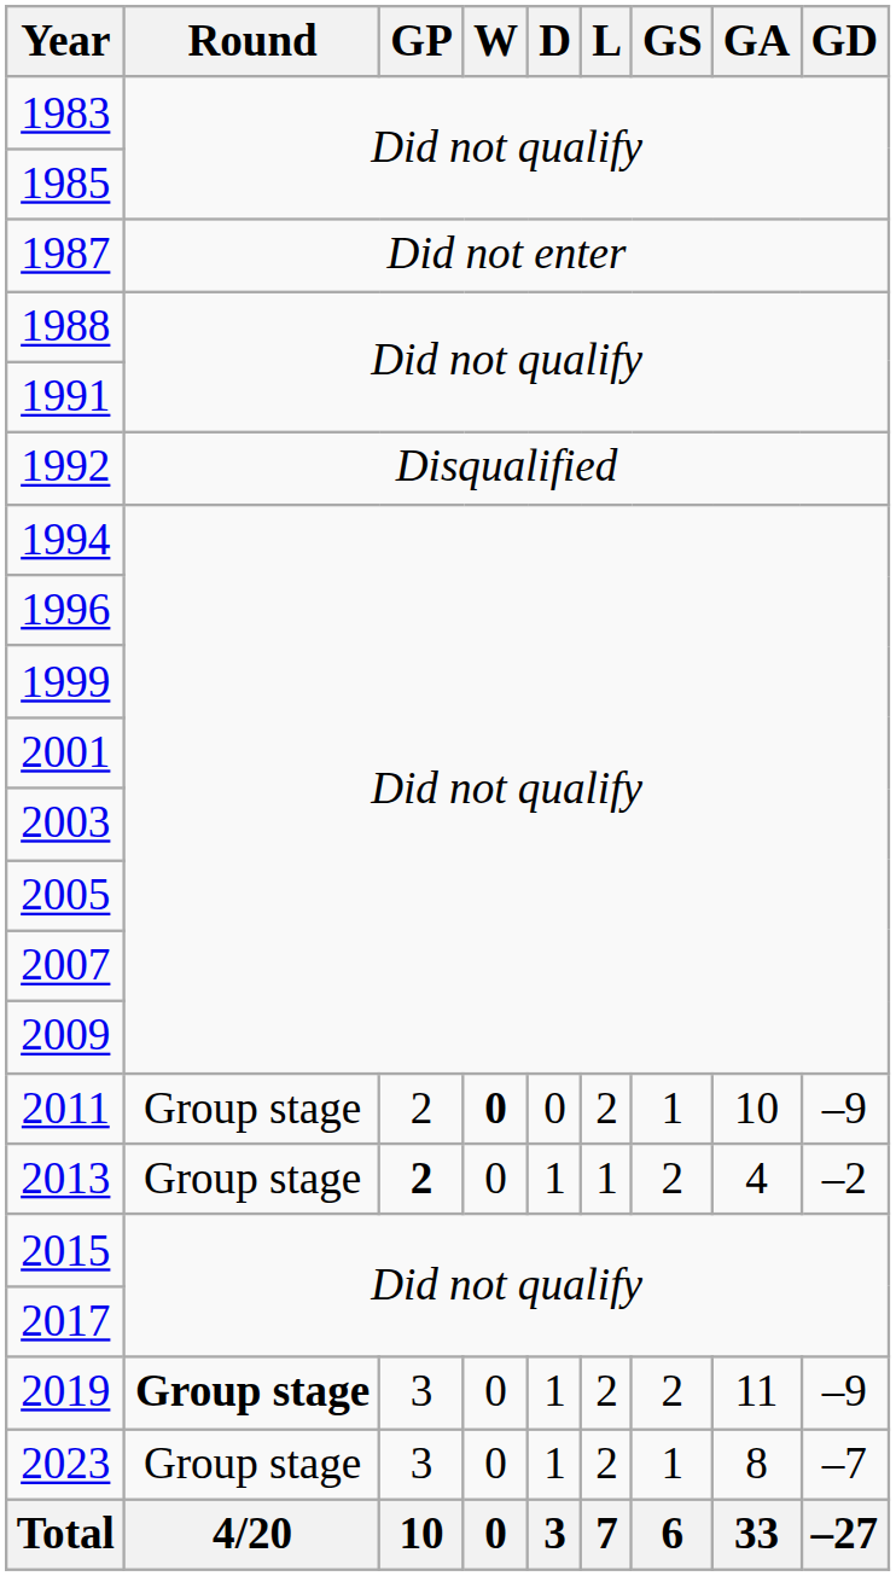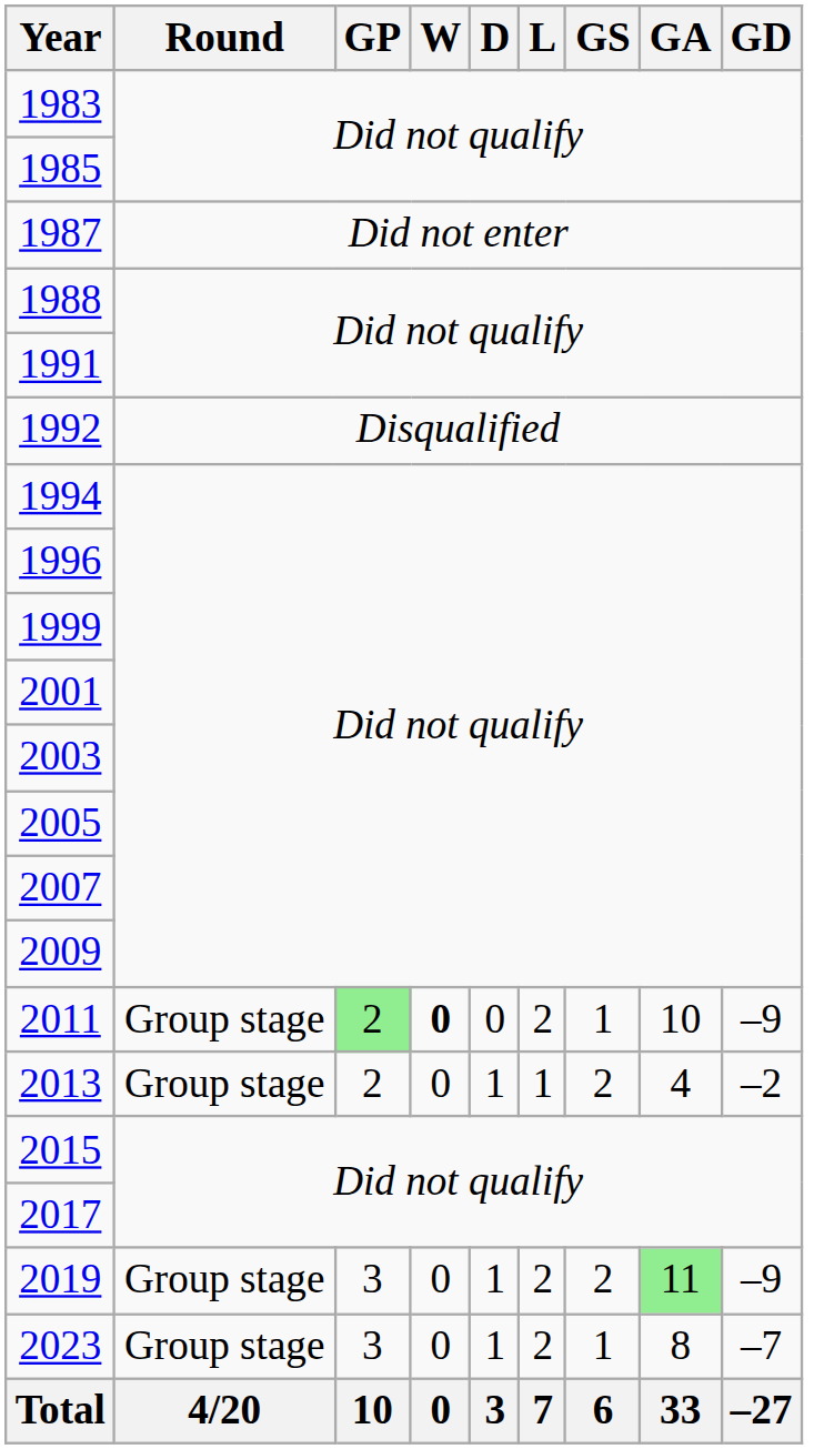 <table class="wikitable" style="text-align: center;">
 <tr>
 <th>Year</th>
 <th>Round</th>
 <th>GP</th>
 <th>W</th>
 <th>D</th>
 <th>L</th>
 <th>GS</th>
 <th>GA</th>
 <th>GD</th>
 </tr>
 <tr>
 <td> <a href='#'>1983</a></td>
 <td rowspan=2 colspan=8><em>Did not qualify</em></td>
 </tr>
 <tr>
 <td> <a href='#'>1985</a></td>
 </tr>
 <tr>
 <td> <a href='#'>1987</a></td>
 <td rowspan=1 colspan=8><em>Did not enter</em></td>
 </tr>
 <tr>
 <td> <a href='#'>1988</a></td>
 <td rowspan=2 colspan=8><em>Did not qualify</em></td>
 </tr>
 <tr>
 <td> <a href='#'>1991</a></td>
 </tr>
 <tr>
 <td> <a href='#'>1992</a></td>
 <td rowspan=1 colspan=8><em>Disqualified</em></td>
 </tr>
 <tr>
 <td> <a href='#'>1994</a></td>
 <td rowspan=8 colspan=8><em>Did not qualify</em></td>
 </tr>
 <tr>
 <td> <a href='#'>1996</a></td>
 </tr>
 <tr>
 <td><a href='#'>1999</a></td>
 </tr>
 <tr>
 <td> <a href='#'>2001</a></td>
 </tr>
 <tr>
 <td> <a href='#'>2003</a></td>
 </tr>
 <tr>
 <td> <a href='#'>2005</a></td>
 </tr>
 <tr>
 <td> <a href='#'>2007</a></td>
 </tr>
 <tr>
 <td> <a href='#'>2009</a></td>
 </tr>
 <tr>
 <td> <a href='#'>2011</a></td>
 <td>Group stage</td>
-<td>2</td>
+<td style="background: lightgreen;">2</td>
 <td><strong>0</strong></td>
 <td>0</td>
 <td>2</td>
 <td>1</td>
 <td>10</td>
 <td>–9</td>
 </tr>
 <tr>
 <td> <a href='#'>2013</a></td>
 <td>Group stage</td>
-<td><strong>2</strong></td>
+<td>2</td>
 <td>0</td>
 <td>1</td>
 <td>1</td>
 <td>2</td>
 <td>4</td>
 <td>–2</td>
 </tr>
 <tr>
 <td> <a href='#'>2015</a></td>
 <td rowspan=2 colspan=8><em>Did not qualify</em></td>
 </tr>
 <tr>
 <td> <a href='#'>2017</a></td>
 </tr>
 <tr>
 <td> <a href='#'>2019</a></td>
-<td><strong>Group stage</strong></td>
+<td>Group stage</td>
 <td>3</td>
 <td>0</td>
 <td>1</td>
 <td>2</td>
 <td>2</td>
-<td>11</td>
+<td style="background: lightgreen;">11</td>
 <td>–9</td>
 </tr>
 <tr>
 <td> <a href='#'>2023</a></td>
 <td>Group stage</td>
 <td>3</td>
 <td>0</td>
 <td>1</td>
 <td>2</td>
 <td>1</td>
 <td>8</td>
 <td>–7</td>
 </tr>
 <tr>
 <th>Total</th>
 <th>4/20</th>
 <th>10</th>
 <th>0</th>
 <th>3</th>
 <th>7</th>
 <th>6</th>
 <th>33</th>
 <th>–27</th>
 </tr>
 </table>
